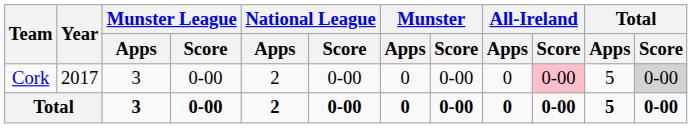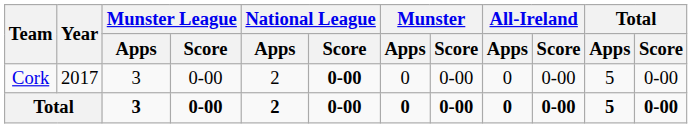 <table class="wikitable" style="text-align:center">
 <tr>
 <th rowspan="2">Team</th>
 <th rowspan="2">Year</th>
 <th colspan="2"><a href='#'>Munster League</a></th>
 <th colspan="2"><a href='#'>National League</a></th>
 <th colspan="2"><a href='#'>Munster</a></th>
 <th colspan="2"><a href='#'>All-Ireland</a></th>
 <th colspan="2">Total</th>
 </tr>
 <tr>
 <th>Apps</th>
 <th>Score</th>
 <th>Apps</th>
 <th>Score</th>
 <th>Apps</th>
 <th>Score</th>
 <th>Apps</th>
 <th>Score</th>
 <th>Apps</th>
 <th>Score</th>
 </tr>
 <tr>
 <td rowspan="1"><a href='#'>Cork</a></td>
 <td>2017</td>
 <td>3</td>
 <td>0-00</td>
 <td>2</td>
+<td><strong>0-00</strong></td>
+<td>0</td>
 <td>0-00</td>
 <td>0</td>
 <td>0-00</td>
-<td>0</td>
-<td style="background: pink;">0-00</td>
 <td>5</td>
-<td style="background: lightgrey;">0-00</td>
+<td>0-00</td>
 </tr>
 <tr>
 <th colspan="2">Total</th>
 <td><strong>3</strong></td>
 <td><strong>0-00</strong></td>
 <td><strong>2</strong></td>
 <td><strong>0-00</strong></td>
 <td><strong>0</strong></td>
 <td><strong>0-00</strong></td>
 <td><strong>0</strong></td>
 <td><strong>0-00</strong></td>
 <td><strong>5</strong></td>
 <td><strong>0-00</strong></td>
 </tr>
 </table>
